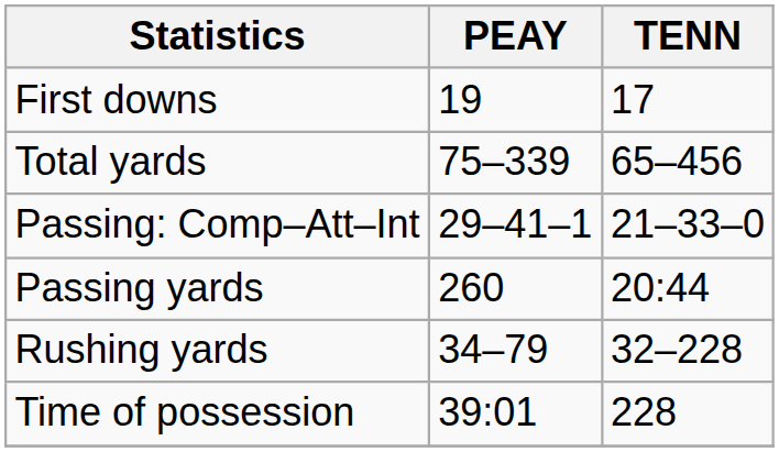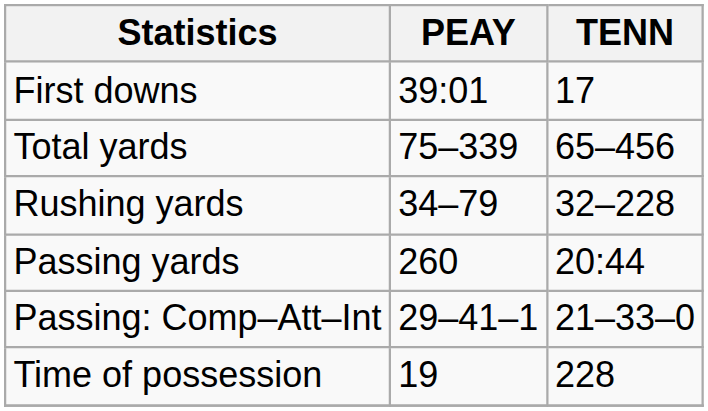 <table class="wikitable" style="float: left;">
 <tr>
 <th>Statistics</th>
 <th>PEAY</th>
 <th>TENN</th>
 </tr>
 <tr>
 <td>First downs</td>
-<td>19</td>
+<td>39:01</td>
 <td>17</td>
 </tr>
 <tr>
 <td>Total yards</td>
 <td>75–339</td>
 <td>65–456</td>
 </tr>
 <tr>
-<td>Passing: Comp–Att–Int</td>
-<td>29–41–1</td>
-<td>21–33–0</td>
+<td>Rushing yards</td>
+<td>34–79</td>
+<td>32–228</td>
 </tr>
 <tr>
 <td>Passing yards</td>
 <td>260</td>
 <td>20:44</td>
 </tr>
 <tr>
-<td>Rushing yards</td>
-<td>34–79</td>
-<td>32–228</td>
+<td>Passing: Comp–Att–Int</td>
+<td>29–41–1</td>
+<td>21–33–0</td>
 </tr>
 <tr>
 <td>Time of possession</td>
-<td>39:01</td>
+<td>19</td>
 <td>228</td>
 </tr>
 <tr>
 </tr>
 </table>
